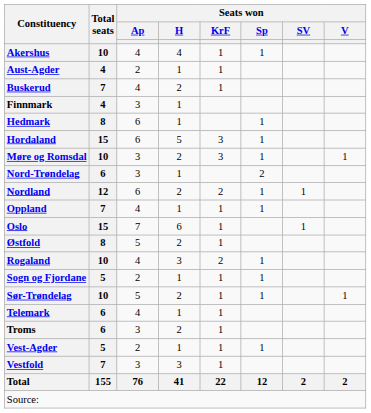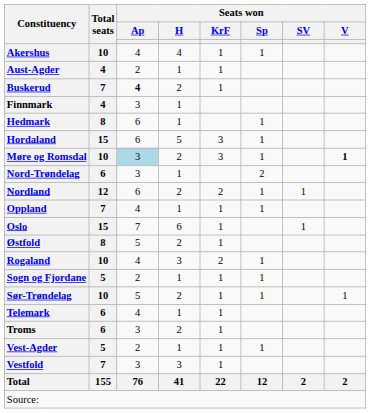 <table class="wikitable" style="text-align:center; font-size: 0.9em;">
 <tr>
 <th rowspan="3">Constituency</th>
 <th rowspan="3">Total<br>seats</th>
 <th colspan="6">Seats won</th>
 </tr>
 <tr>
 <th class="unsortable" style="width:50px;"><a href='#'>Ap</a></th>
 <th class="unsortable" style="width:50px;"><a href='#'>H</a></th>
 <th class="unsortable" style="width:50px;"><a href='#'>KrF</a></th>
 <th class="unsortable" style="width:50px;"><a href='#'>Sp</a></th>
 <th class="unsortable" style="width:50px;"><a href='#'>SV</a></th>
 <th class="unsortable" style="width:50px;"><a href='#'>V</a></th>
 </tr>
 <tr>
 <th style="background:"></th>
 <th style="background:"></th>
 <th style="background:"></th>
 <th style="background:"></th>
 <th style="background:"></th>
 <th style="background:"></th>
 </tr>
 <tr>
 <th style="text-align: left;"><a href='#'>Akershus</a></th>
 <th>10</th>
 <td>4</td>
 <td>4</td>
 <td>1</td>
 <td>1</td>
 <td></td>
 <td></td>
 </tr>
 <tr>
 <th style="text-align: left;"><a href='#'>Aust-Agder</a></th>
 <th>4</th>
 <td>2</td>
 <td>1</td>
 <td>1</td>
 <td></td>
 <td></td>
 <td></td>
 </tr>
 <tr>
 <th style="text-align: left;"><a href='#'>Buskerud</a></th>
 <th>7</th>
-<td>4</td>
+<td><strong>4</strong></td>
 <td>2</td>
 <td>1</td>
 <td></td>
 <td></td>
 <td></td>
 </tr>
 <tr>
 <th style="text-align: left;">Finnmark</th>
 <th>4</th>
 <td>3</td>
 <td>1</td>
 <td></td>
 <td></td>
 <td></td>
 <td></td>
 </tr>
 <tr>
 <th style="text-align: left;"><a href='#'>Hedmark</a></th>
 <th>8</th>
 <td>6</td>
 <td>1</td>
 <td></td>
 <td>1</td>
 <td></td>
 <td></td>
 </tr>
 <tr>
 <th style="text-align: left;"><a href='#'>Hordaland</a></th>
 <th>15</th>
 <td>6</td>
 <td>5</td>
 <td>3</td>
 <td>1</td>
 <td></td>
 <td></td>
 </tr>
 <tr>
 <th style="text-align: left;"><a href='#'>Møre og Romsdal</a></th>
 <th>10</th>
-<td>3</td>
+<td style="background: lightblue;">3</td>
 <td>2</td>
 <td>3</td>
 <td>1</td>
 <td></td>
-<td>1</td>
+<td><strong>1</strong></td>
 </tr>
 <tr>
 <th style="text-align: left;"><a href='#'>Nord-Trøndelag</a></th>
 <th>6</th>
 <td>3</td>
 <td>1</td>
 <td></td>
 <td>2</td>
 <td></td>
 <td></td>
 </tr>
 <tr>
 <th style="text-align: left;"><a href='#'>Nordland</a></th>
 <th>12</th>
 <td>6</td>
 <td>2</td>
 <td>2</td>
 <td>1</td>
 <td>1</td>
 <td></td>
 </tr>
 <tr>
 <th style="text-align: left;"><a href='#'>Oppland</a></th>
 <th>7</th>
 <td>4</td>
 <td>1</td>
 <td>1</td>
 <td>1</td>
 <td></td>
 <td></td>
 </tr>
 <tr>
 <th style="text-align: left;"><a href='#'>Oslo</a></th>
 <th>15</th>
 <td>7</td>
 <td>6</td>
 <td>1</td>
 <td></td>
 <td>1</td>
 <td></td>
 </tr>
 <tr>
 <th style="text-align: left;"><a href='#'>Østfold</a></th>
 <th>8</th>
 <td>5</td>
 <td>2</td>
 <td>1</td>
 <td></td>
 <td></td>
 <td></td>
 </tr>
 <tr>
 <th style="text-align: left;"><a href='#'>Rogaland</a></th>
 <th>10</th>
 <td>4</td>
 <td>3</td>
 <td>2</td>
 <td>1</td>
 <td></td>
 <td></td>
 </tr>
 <tr>
 <th style="text-align: left;"><a href='#'>Sogn og Fjordane</a></th>
 <th>5</th>
 <td>2</td>
 <td>1</td>
 <td>1</td>
 <td>1</td>
 <td></td>
 <td></td>
 </tr>
 <tr>
 <th style="text-align: left;"><a href='#'>Sør-Trøndelag</a></th>
 <th>10</th>
 <td>5</td>
 <td>2</td>
 <td>1</td>
 <td>1</td>
 <td></td>
 <td>1</td>
 </tr>
 <tr>
 <th style="text-align: left;"><a href='#'>Telemark</a></th>
 <th>6</th>
 <td>4</td>
 <td>1</td>
 <td>1</td>
 <td></td>
 <td></td>
 <td></td>
 </tr>
 <tr>
 <th style="text-align: left;">Troms</th>
 <th>6</th>
 <td>3</td>
 <td>2</td>
 <td>1</td>
 <td></td>
 <td></td>
 <td></td>
 </tr>
 <tr>
 <th style="text-align: left;"><a href='#'>Vest-Agder</a></th>
 <th>5</th>
 <td>2</td>
 <td>1</td>
 <td>1</td>
 <td>1</td>
 <td></td>
 <td></td>
 </tr>
 <tr>
 <th style="text-align: left;"><a href='#'>Vestfold</a></th>
 <th>7</th>
 <td>3</td>
 <td>3</td>
 <td>1</td>
 <td></td>
 <td></td>
 <td></td>
 </tr>
 <tr>
 <th style="text-align: left;">Total</th>
 <th>155</th>
 <th>76</th>
 <th>41</th>
 <th>22</th>
 <th>12</th>
 <th>2</th>
 <th>2</th>
 </tr>
 <tr>
 <td align=left colspan="8">Source: </td>
 </tr>
 </table>
